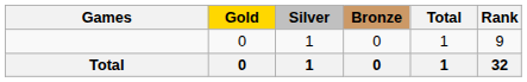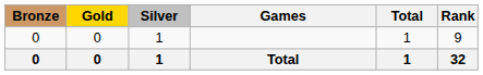 <table class="wikitable" style="text-align:center; font-size:90%;">
 <tr>
-<th style="width:13em;">Games</th>
+<th style="width:4em; background:#cc9966;">Bronze</th>
 <th style="width:4em; background:gold;">Gold</th>
 <th style="width:4em; background:silver;">Silver</th>
-<th style="width:4em; background:#cc9966;">Bronze</th>
+<th style="width:13em;">Games</th>
 <th style="width:4em;">Total</th>
 <th style="width:2em;">Rank</th>
 </tr>
 <tr>
-<td align=left></td>
+<td>0</td>
 <td>0</td>
 <td>1</td>
-<td>0</td>
+<td align=left></td>
 <td>1</td>
 <td>9</td>
 </tr>
 <tr>
-<th>Total</th>
+<th>0</th>
 <th>0</th>
 <th>1</th>
-<th>0</th>
+<th>Total</th>
 <th>1</th>
 <th>32</th>
 </tr>
 </table>
